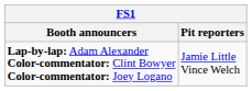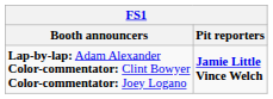 <table class="wikitable">
 <tr>
 <th colspan="2"><a href='#'>FS1</a></th>
 </tr>
 <tr>
 <th>Booth announcers</th>
 <th>Pit reporters</th>
 </tr>
 <tr>
 <td><strong>Lap-by-lap:</strong> <a href='#'>Adam Alexander</a><br><strong>Color-commentator:</strong> <a href='#'>Clint Bowyer</a><br><strong>Color-commentator:</strong> <a href='#'>Joey Logano</a></td>
-<td><a href='#'>Jamie Little</a><br>Vince Welch</td>
+<td><strong><a href='#'>Jamie Little</a><br>Vince Welch</strong></td>
 </tr>
 </table>
